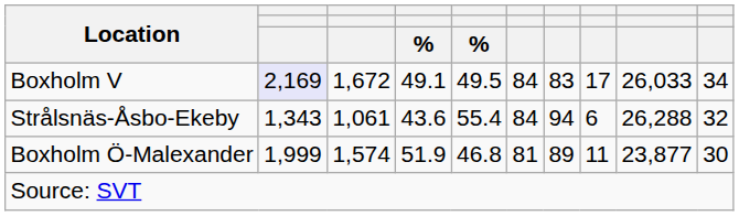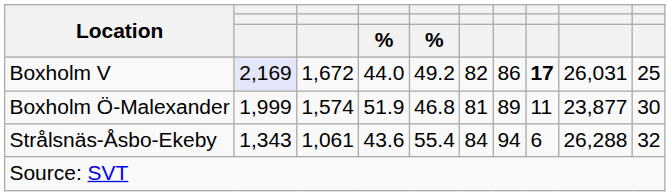 <table role="presentation" class="wikitable sortable mw-collapsible">
 <tr>
 <th rowspan="3">Location</th>
 <th></th>
 <th></th>
 <th></th>
 <th></th>
 <th></th>
 <th></th>
 <th></th>
 <th></th>
 <th></th>
 </tr>
 <tr>
 <th></th>
 <th></th>
 <th style="background:"></th>
 <th style="background:"></th>
 <th></th>
 <th></th>
 <th></th>
 <th></th>
 <th></th>
 </tr>
 <tr>
 <th data-sort-type="number"></th>
 <th data-sort-type="number"></th>
 <th data-sort-type="number">%</th>
 <th data-sort-type="number">%</th>
 <th data-sort-type="number"></th>
 <th data-sort-type="number"></th>
 <th data-sort-type="number"></th>
 <th data-sort-type="number"></th>
 <th data-sort-type="number"></th>
 </tr>
 <tr>
 <td align="left">Boxholm V</td>
 <td style="background: lavender;">2,169</td>
 <td>1,672</td>
-<td>49.1</td>
-<td>49.5</td>
-<td>84</td>
-<td>83</td>
-<td>17</td>
-<td>26,033</td>
-<td>34</td>
+<td>44.0</td>
+<td>49.2</td>
+<td>82</td>
+<td>86</td>
+<td><strong>17</strong></td>
+<td>26,031</td>
+<td>25</td>
+</tr>
+<tr>
+<td align="left">Boxholm Ö-Malexander</td>
+<td>1,999</td>
+<td>1,574</td>
+<td>51.9</td>
+<td>46.8</td>
+<td>81</td>
+<td>89</td>
+<td>11</td>
+<td>23,877</td>
+<td>30</td>
 </tr>
 <tr>
 <td align="left">Strålsnäs-Åsbo-Ekeby</td>
 <td>1,343</td>
 <td>1,061</td>
 <td>43.6</td>
 <td>55.4</td>
 <td>84</td>
 <td>94</td>
 <td>6</td>
 <td>26,288</td>
 <td>32</td>
 </tr>
 <tr>
-<td align="left">Boxholm Ö-Malexander</td>
-<td>1,999</td>
-<td>1,574</td>
-<td>51.9</td>
-<td>46.8</td>
-<td>81</td>
-<td>89</td>
-<td>11</td>
-<td>23,877</td>
-<td>30</td>
-</tr>
-<tr>
 <td colspan="10" align="left">Source: <a href='#'>SVT</a></td>
 </tr>
 </table>
